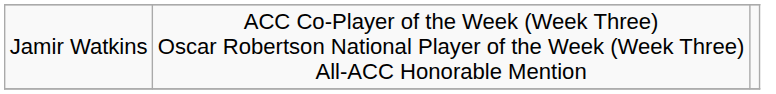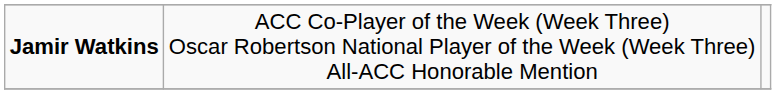 <table class="wikitable sortable" style="text-align: center">
 <tr align=center>
 </tr>
 <tr>
-<td>Jamir Watkins</td>
+<td><strong>Jamir Watkins</strong></td>
 <td>ACC Co-Player of the Week (Week Three)<br>Oscar Robertson National Player of the Week (Week Three)<br>All-ACC Honorable Mention</td>
 <td></td>
 </tr>
 <tr>
 </tr>
 </table>
